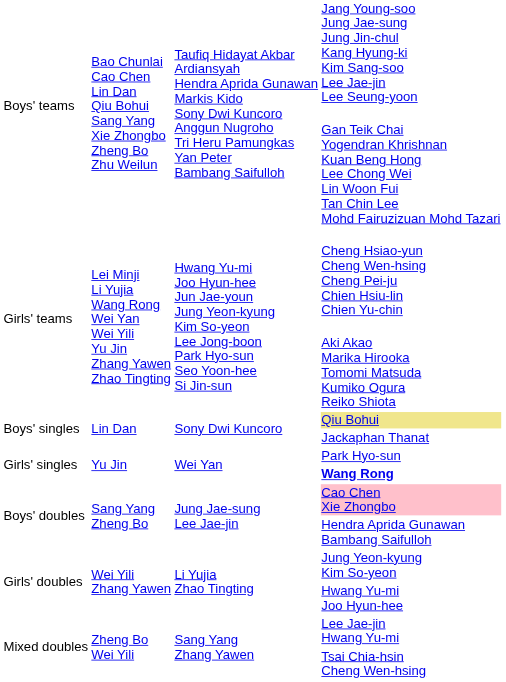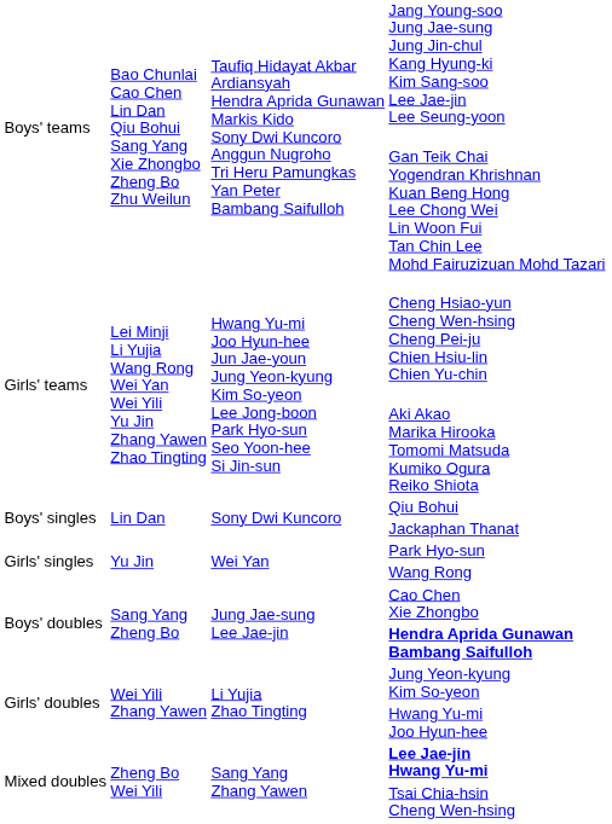 <table>
 <tr>
 <td rowspan=2>Boys' teams<br></td>
 <td rowspan=2><br><a href='#'>Bao Chunlai</a><br><a href='#'>Cao Chen</a><br><a href='#'>Lin Dan</a><br><a href='#'>Qiu Bohui</a><br><a href='#'>Sang Yang</a><br><a href='#'>Xie Zhongbo</a><br><a href='#'>Zheng Bo</a><br><a href='#'>Zhu Weilun</a></td>
 <td rowspan=2><br><a href='#'>Taufiq Hidayat Akbar</a><br><a href='#'>Ardiansyah</a><br><a href='#'>Hendra Aprida Gunawan</a><br><a href='#'>Markis Kido</a><br><a href='#'>Sony Dwi Kuncoro</a><br><a href='#'>Anggun Nugroho</a><br><a href='#'>Tri Heru Pamungkas</a><br><a href='#'>Yan Peter</a><br><a href='#'>Bambang Saifulloh</a></td>
 <td><br><a href='#'>Jang Young-soo</a><br><a href='#'>Jung Jae-sung</a><br><a href='#'>Jung Jin-chul</a><br><a href='#'>Kang Hyung-ki</a><br><a href='#'>Kim Sang-soo</a><br><a href='#'>Lee Jae-jin</a><br><a href='#'>Lee Seung-yoon</a></td>
 </tr>
 <tr>
 <td><br><a href='#'>Gan Teik Chai</a><br><a href='#'>Yogendran Khrishnan</a><br><a href='#'>Kuan Beng Hong</a><br><a href='#'>Lee Chong Wei</a><br><a href='#'>Lin Woon Fui</a><br><a href='#'>Tan Chin Lee</a><br><a href='#'>Mohd Fairuzizuan Mohd Tazari</a></td>
 </tr>
 <tr>
 <td rowspan=2>Girls' teams<br></td>
 <td rowspan=2><br><a href='#'>Lei Minji</a><br><a href='#'>Li Yujia</a><br><a href='#'>Wang Rong</a><br><a href='#'>Wei Yan</a><br><a href='#'>Wei Yili</a><br><a href='#'>Yu Jin</a><br><a href='#'>Zhang Yawen</a><br><a href='#'>Zhao Tingting</a></td>
 <td rowspan=2><br><a href='#'>Hwang Yu-mi</a><br><a href='#'>Joo Hyun-hee</a><br><a href='#'>Jun Jae-youn</a><br><a href='#'>Jung Yeon-kyung</a><br><a href='#'>Kim So-yeon</a><br><a href='#'>Lee Jong-boon</a><br><a href='#'>Park Hyo-sun</a><br><a href='#'>Seo Yoon-hee</a><br><a href='#'>Si Jin-sun</a></td>
 <td><br><a href='#'>Cheng Hsiao-yun</a><br><a href='#'>Cheng Wen-hsing</a><br><a href='#'>Cheng Pei-ju</a><br><a href='#'>Chien Hsiu-lin</a><br><a href='#'>Chien Yu-chin</a></td>
 </tr>
 <tr>
 <td><br><a href='#'>Aki Akao</a><br><a href='#'>Marika Hirooka</a><br><a href='#'>Tomomi Matsuda</a><br><a href='#'>Kumiko Ogura</a><br><a href='#'>Reiko Shiota</a></td>
 </tr>
 <tr>
 <td rowspan=2>Boys' singles</td>
 <td rowspan=2> <a href='#'>Lin Dan</a></td>
 <td rowspan=2> <a href='#'>Sony Dwi Kuncoro</a></td>
-<td style="background: khaki;"> <a href='#'>Qiu Bohui</a></td>
+<td> <a href='#'>Qiu Bohui</a></td>
 </tr>
 <tr>
 <td> <a href='#'>Jackaphan Thanat</a></td>
 </tr>
 <tr>
 <td rowspan=2>Girls' singles</td>
 <td rowspan=2> <a href='#'>Yu Jin</a></td>
 <td rowspan=2> <a href='#'>Wei Yan</a></td>
 <td> <a href='#'>Park Hyo-sun</a></td>
 </tr>
 <tr>
-<td><strong> <a href='#'>Wang Rong</a></strong></td>
+<td> <a href='#'>Wang Rong</a></td>
 </tr>
 <tr>
 <td rowspan=2>Boys' doubles</td>
 <td rowspan=2> <a href='#'>Sang Yang</a><br> <a href='#'>Zheng Bo</a></td>
 <td rowspan=2> <a href='#'>Jung Jae-sung</a><br> <a href='#'>Lee Jae-jin</a></td>
-<td style="background: pink;"> <a href='#'>Cao Chen</a><br> <a href='#'>Xie Zhongbo</a></td>
+<td> <a href='#'>Cao Chen</a><br> <a href='#'>Xie Zhongbo</a></td>
 </tr>
 <tr>
-<td> <a href='#'>Hendra Aprida Gunawan</a><br> <a href='#'>Bambang Saifulloh</a></td>
+<td><strong> <a href='#'>Hendra Aprida Gunawan</a><br> <a href='#'>Bambang Saifulloh</a></strong></td>
 </tr>
 <tr>
 <td rowspan=2>Girls' doubles</td>
 <td rowspan=2> <a href='#'>Wei Yili</a><br> <a href='#'>Zhang Yawen</a></td>
 <td rowspan=2> <a href='#'>Li Yujia</a><br> <a href='#'>Zhao Tingting</a></td>
 <td> <a href='#'>Jung Yeon-kyung</a><br> <a href='#'>Kim So-yeon</a></td>
 </tr>
 <tr>
 <td> <a href='#'>Hwang Yu-mi</a><br> <a href='#'>Joo Hyun-hee</a></td>
 </tr>
 <tr>
 <td rowspan=2>Mixed doubles</td>
 <td rowspan=2> <a href='#'>Zheng Bo</a><br> <a href='#'>Wei Yili</a></td>
 <td rowspan=2> <a href='#'>Sang Yang</a><br> <a href='#'>Zhang Yawen</a></td>
-<td> <a href='#'>Lee Jae-jin</a><br> <a href='#'>Hwang Yu-mi</a></td>
+<td><strong> <a href='#'>Lee Jae-jin</a><br> <a href='#'>Hwang Yu-mi</a></strong></td>
 </tr>
 <tr>
 <td> <a href='#'>Tsai Chia-hsin</a><br> <a href='#'>Cheng Wen-hsing</a></td>
 </tr>
 </table>
